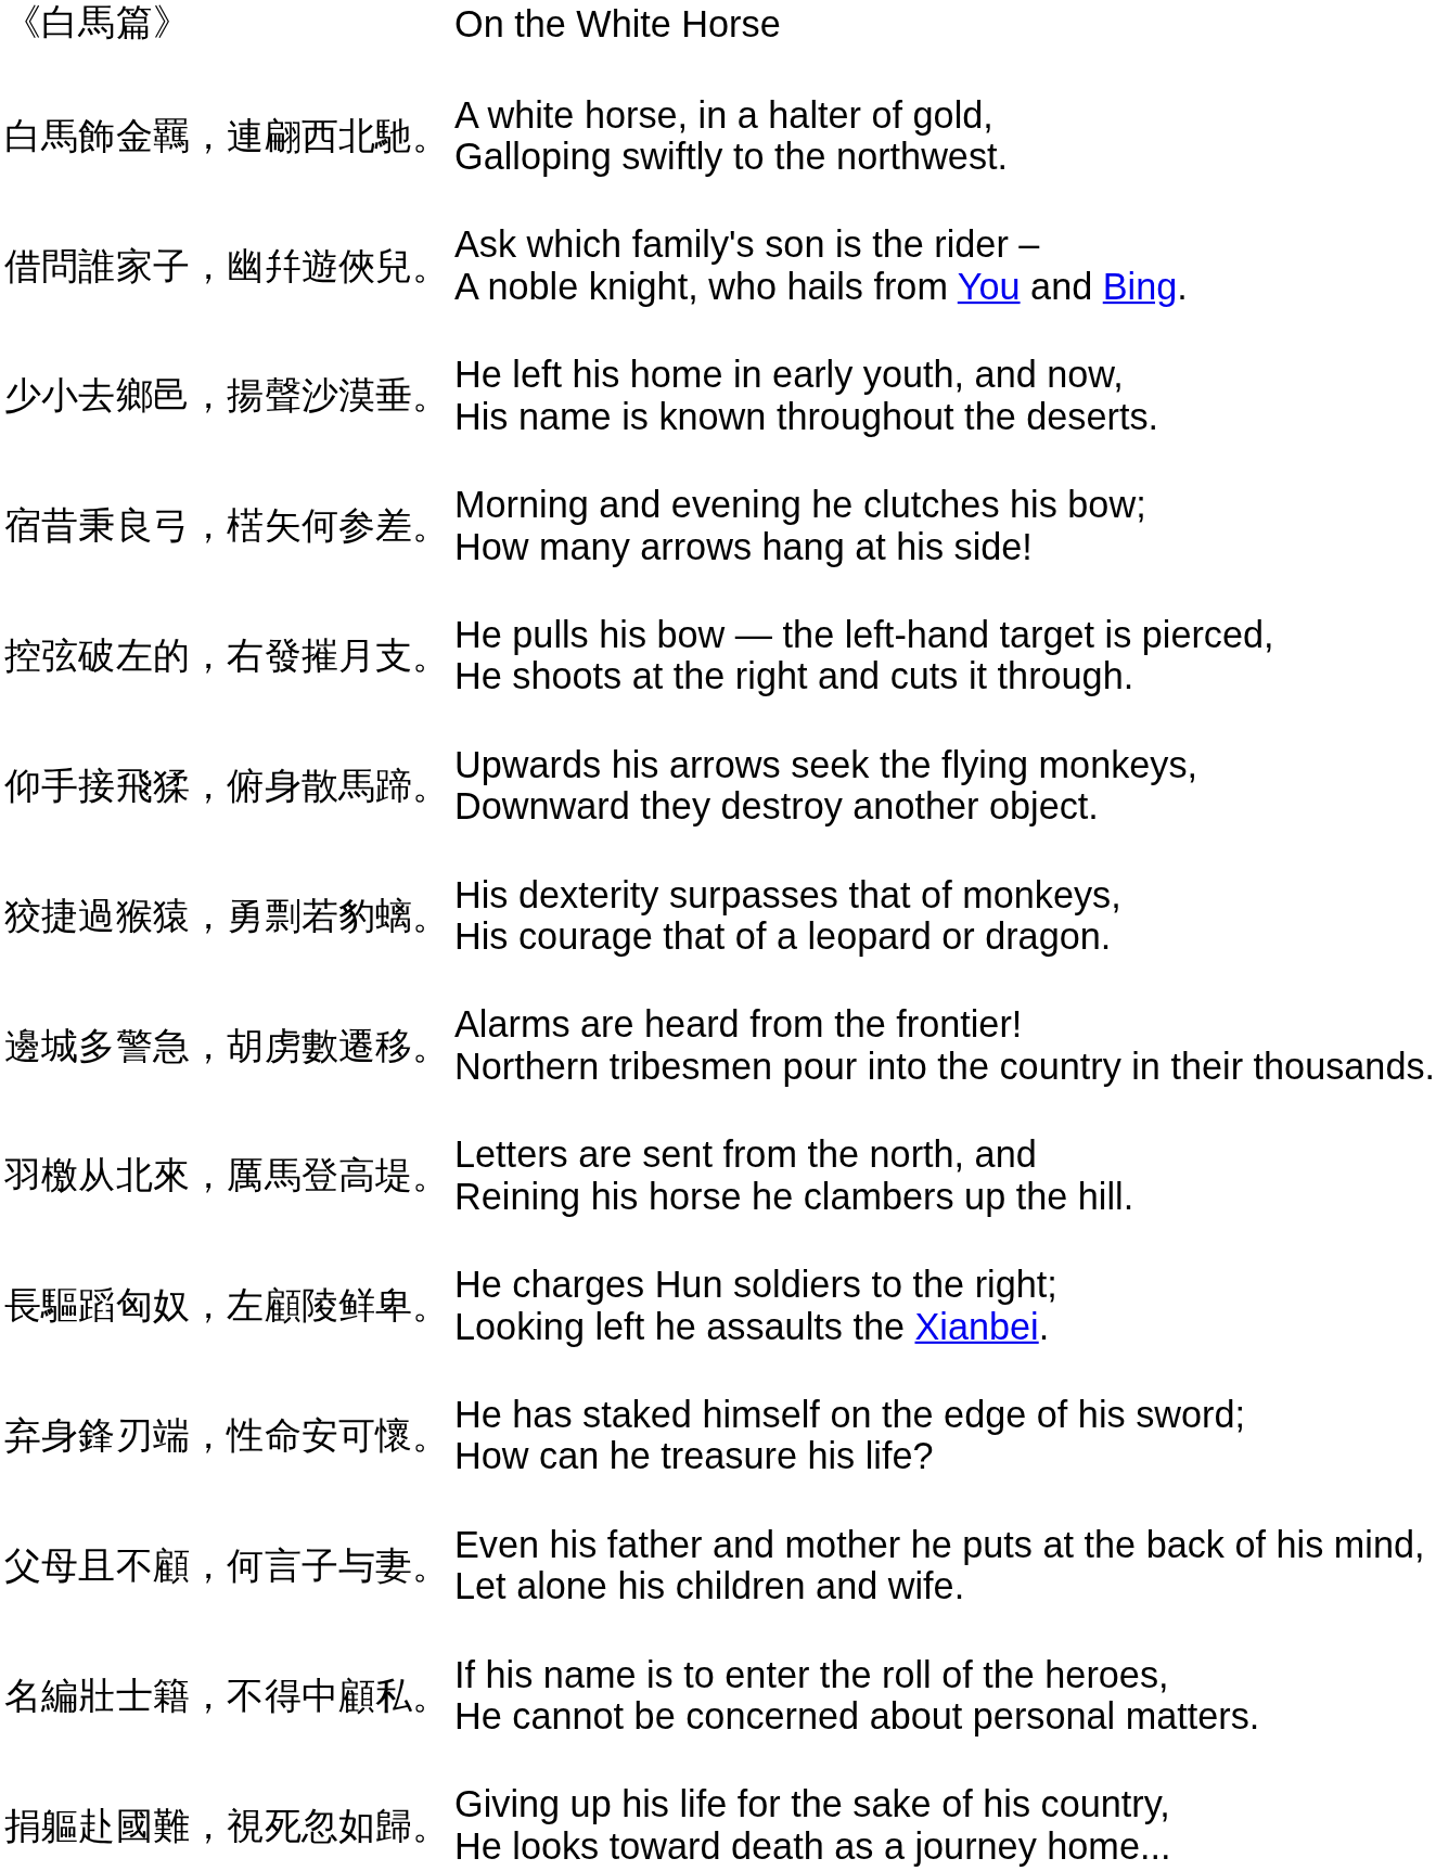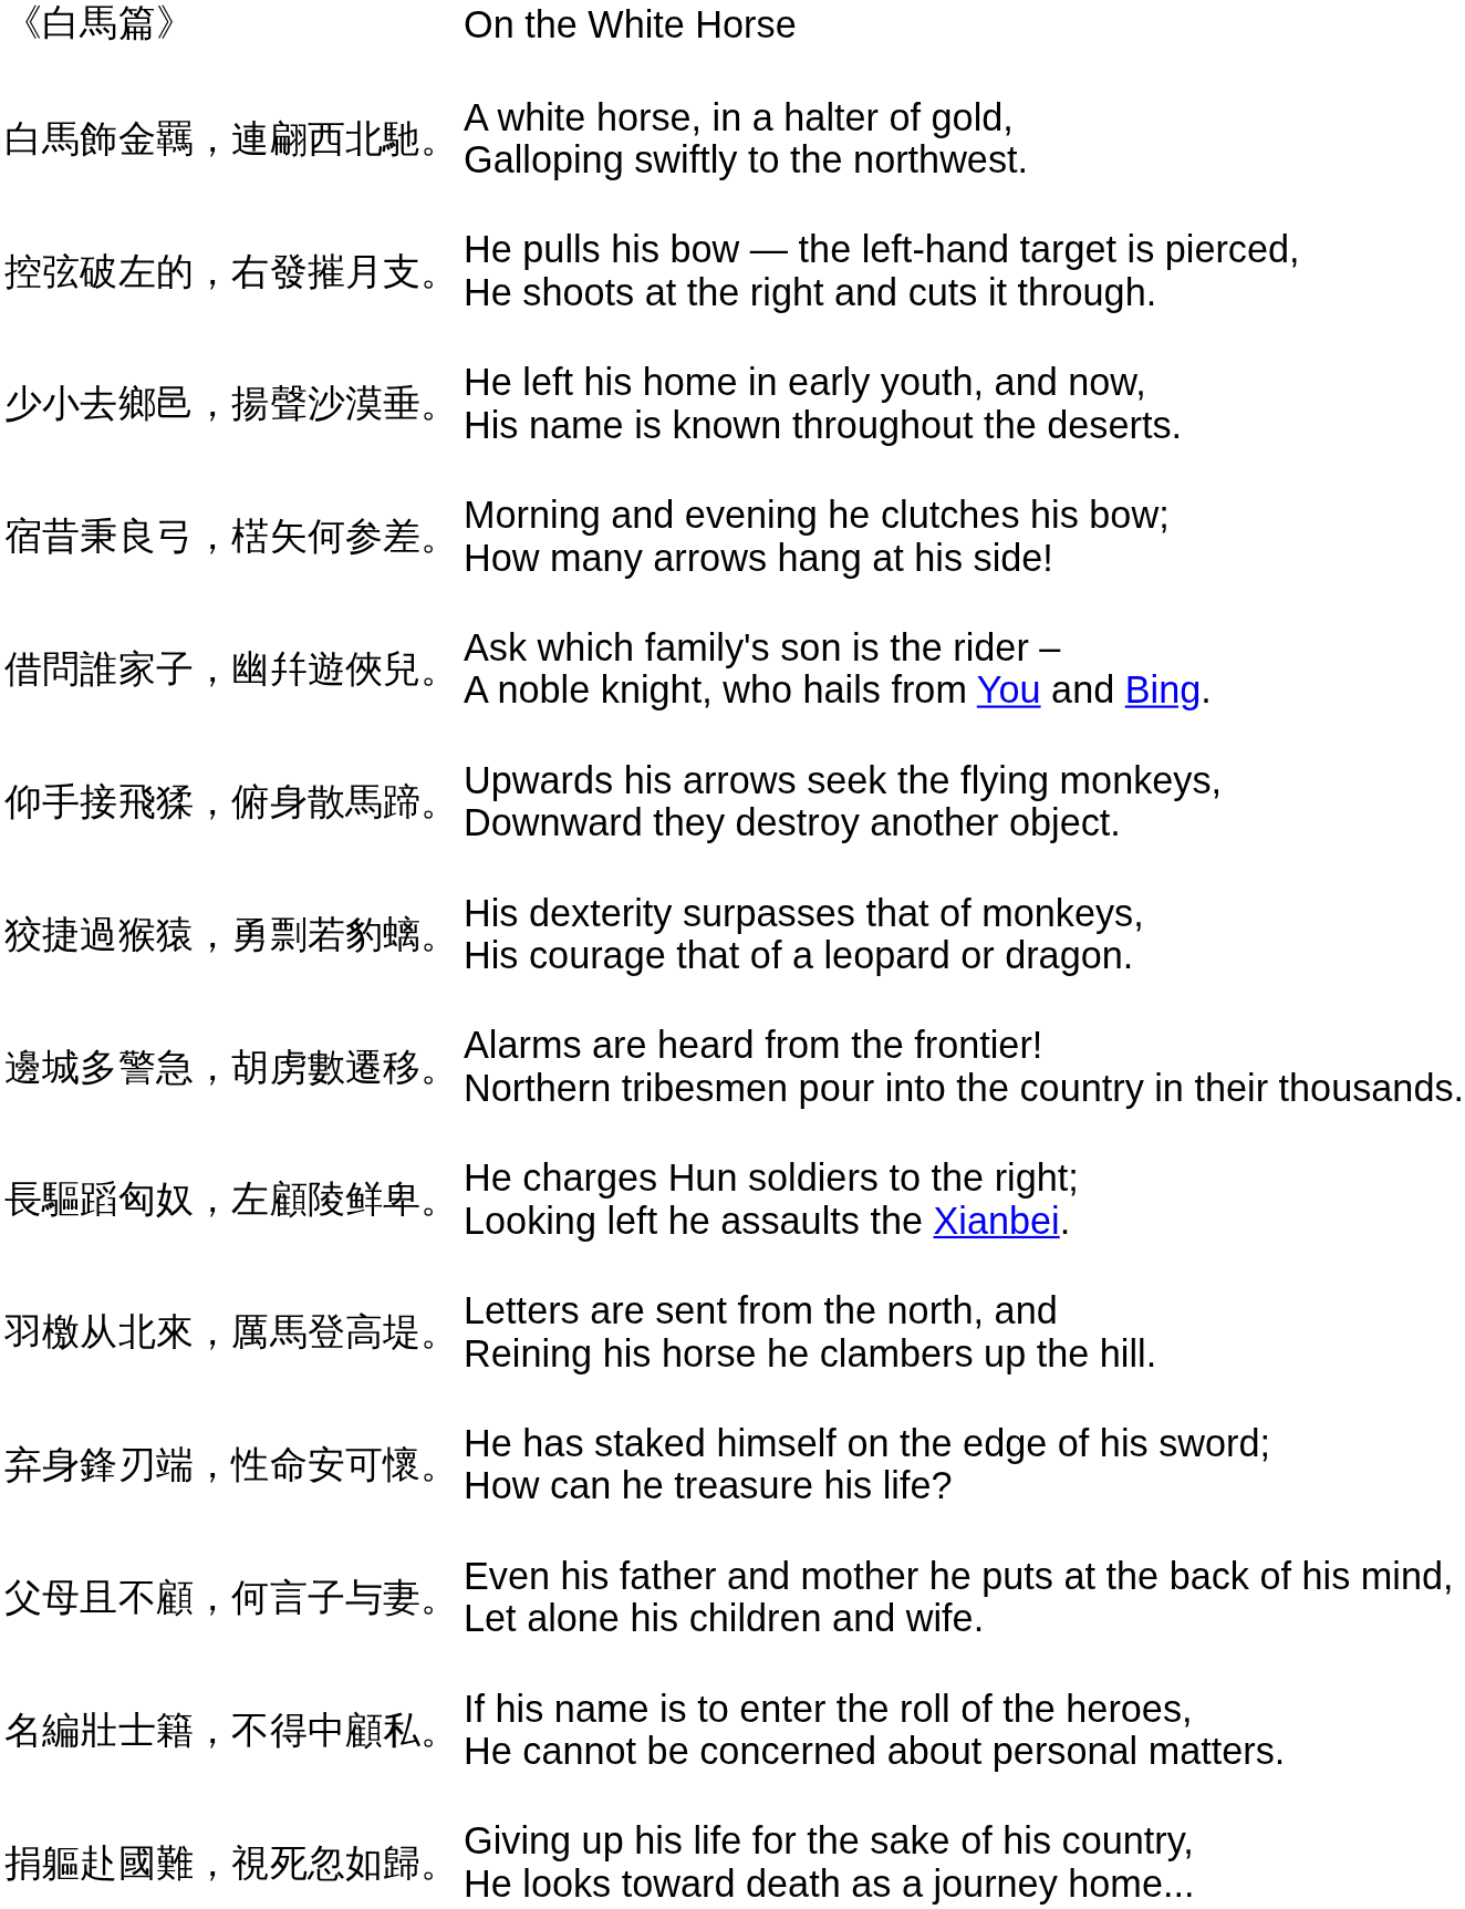 <table border="0" cellpadding="0" style="margin:1em auto;">
 <tr>
 <td style="font-size:100%"><br>《白馬篇》</td>
 <td><br>On the White Horse</td>
 </tr>
 <tr>
 <td style="font-size:100%"><br>白馬飾金羈，連翩西北馳。</td>
 <td><br>A white horse, in a halter of gold,<br> Galloping swiftly to the northwest.</td>
 </tr>
 <tr>
-<td style="font-size:100%"><br>借問誰家子，幽幷遊俠兒。</td>
-<td><br>Ask which family's son is the rider –<br> A noble knight, who hails from <a href='#'>You</a> and <a href='#'>Bing</a>.</td>
+<td style="font-size:100%"><br>控弦破左的，右發摧月支。</td>
+<td><br>He pulls his bow — the left-hand target is pierced,<br> He shoots at the right and cuts it through.</td>
 </tr>
 <tr>
 <td style="font-size:100%"><br>少小去鄉邑，揚聲沙漠垂。</td>
 <td><br>He left his home in early youth, and now,<br> His name is known throughout the deserts.</td>
 </tr>
 <tr>
 <td style="font-size:100%"><br>宿昔秉良弓，楛矢何参差。</td>
 <td><br>Morning and evening he clutches his bow;<br> How many arrows hang at his side!</td>
 </tr>
 <tr>
-<td style="font-size:100%"><br>控弦破左的，右發摧月支。</td>
-<td><br>He pulls his bow — the left-hand target is pierced,<br> He shoots at the right and cuts it through.</td>
+<td style="font-size:100%"><br>借問誰家子，幽幷遊俠兒。</td>
+<td><br>Ask which family's son is the rider –<br> A noble knight, who hails from <a href='#'>You</a> and <a href='#'>Bing</a>.</td>
 </tr>
 <tr>
 <td style="font-size:100%"><br>仰手接飛猱，俯身散馬蹄。</td>
 <td><br>Upwards his arrows seek the flying monkeys,<br> Downward they destroy another object.</td>
 </tr>
 <tr>
 <td style="font-size:100%"><br>狡捷過猴猿，勇剽若豹螭。</td>
 <td><br>His dexterity surpasses that of monkeys,<br> His courage that of a leopard or dragon.</td>
 </tr>
 <tr>
 <td style="font-size:100%"><br>邊城多警急，胡虏數遷移。</td>
 <td><br>Alarms are heard from the frontier!<br> Northern tribesmen pour into the country in their thousands.</td>
 </tr>
 <tr>
+<td style="font-size:100%"><br>長驅蹈匈奴，左顧陵鲜卑。</td>
+<td><br>He charges Hun soldiers to the right;<br> Looking left he assaults the <a href='#'>Xianbei</a>.</td>
+</tr>
+<tr>
 <td style="font-size:100%"><br>羽檄从北來，厲馬登高堤。</td>
 <td><br>Letters are sent from the north, and<br> Reining his horse he clambers up the hill.</td>
-</tr>
-<tr>
-<td style="font-size:100%"><br>長驅蹈匈奴，左顧陵鲜卑。</td>
-<td><br>He charges Hun soldiers to the right;<br> Looking left he assaults the <a href='#'>Xianbei</a>.</td>
 </tr>
 <tr>
 <td style="font-size:100%"><br>弃身鋒刃端，性命安可懷。</td>
 <td><br>He has staked himself on the edge of his sword;<br> How can he treasure his life?</td>
 </tr>
 <tr>
 <td style="font-size:100%"><br>父母且不顧，何言子与妻。</td>
 <td><br>Even his father and mother he puts at the back of his mind,<br> Let alone his children and wife.</td>
 </tr>
 <tr>
 <td style="font-size:100%"><br>名編壯士籍，不得中顧私。</td>
 <td><br>If his name is to enter the roll of the heroes,<br> He cannot be concerned about personal matters.</td>
 </tr>
 <tr>
 <td style="font-size:100%"><br>捐軀赴國難，視死忽如歸。</td>
 <td><br>Giving up his life for the sake of his country,<br> He looks toward death as a journey home...</td>
 </tr>
 </table>
